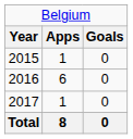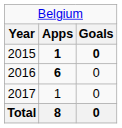 <table class="wikitable" style="text-align:center">
 <tr>
 <td colspan="4"><a href='#'>Belgium</a></td>
 </tr>
 <tr>
 <th>Year</th>
 <th>Apps</th>
 <th>Goals</th>
 </tr>
 <tr>
 <td>2015</td>
-<td>1</td>
-<td>0</td>
+<td><strong>1</strong></td>
+<td><strong>0</strong></td>
 </tr>
 <tr>
 <td>2016</td>
-<td>6</td>
+<td><strong>6</strong></td>
 <td>0</td>
 </tr>
 <tr>
 <td>2017</td>
 <td>1</td>
 <td>0</td>
 </tr>
 <tr>
 <th>Total</th>
 <th>8</th>
 <th>0</th>
 </tr>
 </table>
